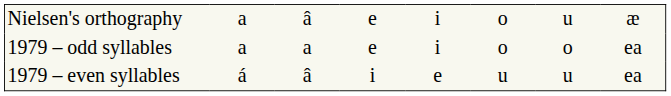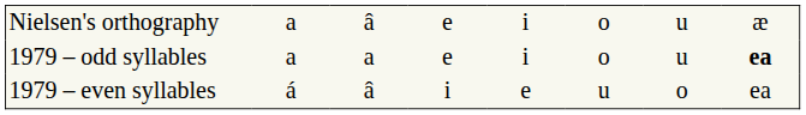 <table style="font-family:Arial Unicode MS; font-size:1.4em; border-color:#000000; border-width:1px; border-style:solid; border-collapse:collapse; background-color:#F8F8EF">
 <tr>
 <td style="width:10em; text-align:left; padding: 3px;">Nielsen's orthography</td>
 <td style="width:3em; text-align:center; padding: 3px;">a</td>
 <td style="width:3em; text-align:center; padding: 3px;">â</td>
 <td style="width:3em; text-align:center; padding: 3px;">e</td>
 <td style="width:3em; text-align:center; padding: 3px;">i</td>
 <td style="width:3em; text-align:center; padding: 3px;">o</td>
 <td style="width:3em; text-align:center; padding: 3px;">u</td>
 <td style="width:3em; text-align:center; padding: 3px;">æ</td>
 </tr>
 <tr>
 <td style="width:10em; text-align:left; padding: 3px;">1979 – odd syllables</td>
 <td style="width:3em; text-align:center; padding: 3px;">a</td>
 <td style="width:3em; text-align:center; padding: 3px;">a</td>
 <td style="width:3em; text-align:center; padding: 3px;">e</td>
 <td style="width:3em; text-align:center; padding: 3px;">i</td>
 <td style="width:3em; text-align:center; padding: 3px;">o</td>
-<td style="width:3em; text-align:center; padding: 3px;">o</td>
-<td style="width:3em; text-align:center; padding: 3px;">ea</td>
+<td style="width:3em; text-align:center; padding: 3px;">u</td>
+<td style="width:3em; text-align:center; padding: 3px;"><strong>ea</strong></td>
 </tr>
 <tr>
 <td style="width:10em; text-align:left; padding: 3px;">1979 – even syllables</td>
 <td style="width:3em; text-align:center; padding: 3px;">á</td>
 <td style="width:3em; text-align:center; padding: 3px;">â</td>
 <td style="width:3em; text-align:center; padding: 3px;">i</td>
 <td style="width:3em; text-align:center; padding: 3px;">e</td>
 <td style="width:3em; text-align:center; padding: 3px;">u</td>
-<td style="width:3em; text-align:center; padding: 3px;">u</td>
+<td style="width:3em; text-align:center; padding: 3px;">o</td>
 <td style="width:3em; text-align:center; padding: 3px;">ea</td>
 </tr>
 </table>
